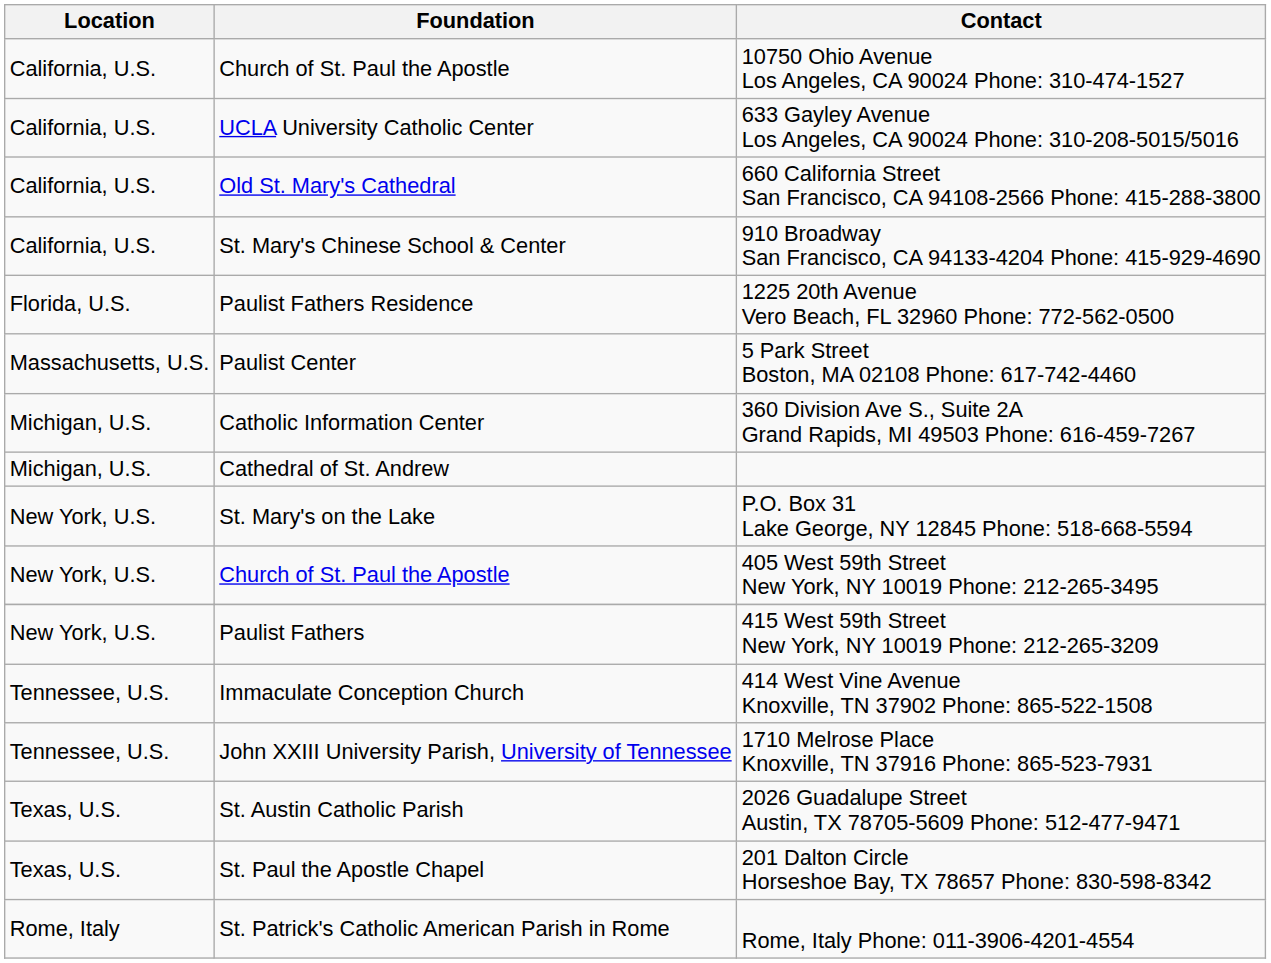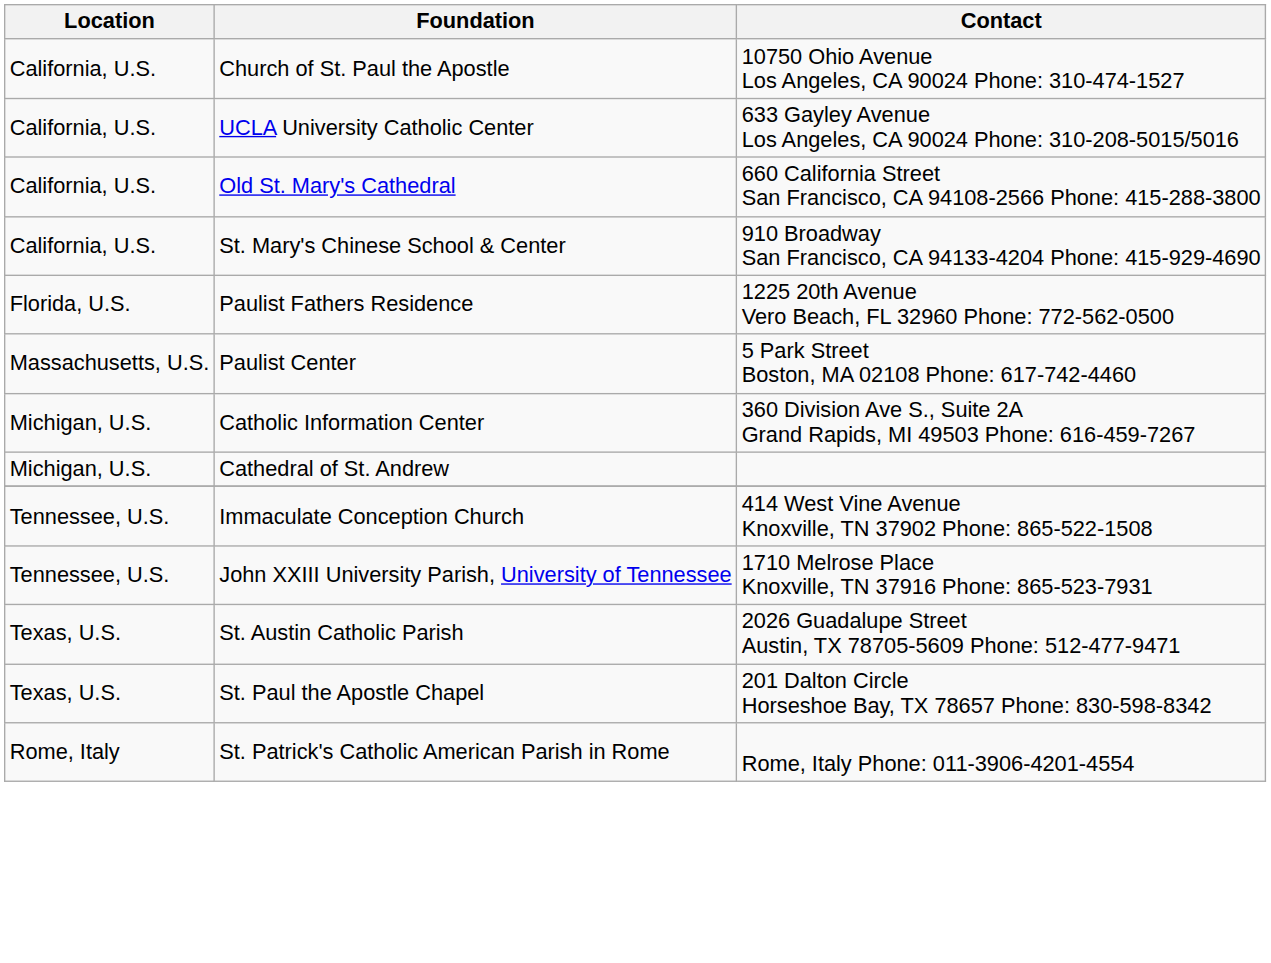 <table class="wikitable">
 <tr>
 <th>Location</th>
 <th>Foundation</th>
 <th>Contact</th>
 </tr>
 <tr>
 <td>California, U.S.</td>
 <td>Church of St. Paul the Apostle</td>
 <td>10750 Ohio Avenue<br>Los Angeles, CA 90024 Phone: 310-474-1527</td>
 </tr>
 <tr>
 <td>California, U.S.</td>
 <td><a href='#'>UCLA</a> University Catholic Center</td>
 <td>633 Gayley Avenue<br>Los Angeles, CA 90024 Phone: 310-208-5015/5016</td>
 </tr>
 <tr>
 <td>California, U.S.</td>
 <td><a href='#'>Old St. Mary's Cathedral</a></td>
 <td>660 California Street<br>San Francisco, CA 94108-2566 Phone: 415-288-3800</td>
 </tr>
 <tr>
 <td>California, U.S.</td>
 <td>St. Mary's Chinese School & Center</td>
 <td>910 Broadway<br>San Francisco, CA 94133-4204 Phone: 415-929-4690</td>
 </tr>
 <tr>
 <td>Florida, U.S.</td>
 <td>Paulist Fathers Residence</td>
 <td>1225 20th Avenue<br>Vero Beach, FL 32960 Phone: 772-562-0500</td>
 </tr>
 <tr>
 <td>Massachusetts, U.S.</td>
 <td>Paulist Center</td>
 <td>5 Park Street<br>Boston, MA 02108 Phone: 617-742-4460</td>
 </tr>
 <tr>
 <td>Michigan, U.S.</td>
 <td>Catholic Information Center</td>
 <td>360 Division Ave S., Suite 2A<br>Grand Rapids, MI 49503 Phone: 616-459-7267</td>
 </tr>
 <tr>
 <td>Michigan, U.S.</td>
 <td>Cathedral of St. Andrew</td>
 <td></td>
 </tr>
 <tr>
-<td>New York, U.S.</td>
-<td>St. Mary's on the Lake</td>
-<td>P.O. Box 31<br>Lake George, NY 12845 Phone: 518-668-5594</td>
-</tr>
-<tr>
-<td>New York, U.S.</td>
-<td><a href='#'>Church of St. Paul the Apostle</a></td>
-<td>405 West 59th Street<br>New York, NY 10019 Phone: 212-265-3495</td>
-</tr>
-<tr>
-</tr>
-<tr>
-<td>New York, U.S.</td>
-<td>Paulist Fathers</td>
-<td>415 West 59th Street<br>New York, NY 10019 Phone: 212-265-3209</td>
 </tr>
 <tr>
 <td>Tennessee, U.S.</td>
 <td>Immaculate Conception Church</td>
 <td>414 West Vine Avenue<br>Knoxville, TN 37902 Phone: 865-522-1508</td>
 </tr>
 <tr>
 <td>Tennessee, U.S.</td>
 <td>John XXIII University Parish, <a href='#'>University of Tennessee</a></td>
 <td>1710 Melrose Place<br>Knoxville, TN 37916 Phone: 865-523-7931</td>
 </tr>
 <tr>
 <td>Texas, U.S.</td>
 <td>St. Austin Catholic Parish</td>
 <td>2026 Guadalupe Street<br>Austin, TX 78705-5609 Phone: 512-477-9471</td>
 </tr>
 <tr>
 <td>Texas, U.S.</td>
 <td>St. Paul the Apostle Chapel</td>
 <td>201 Dalton Circle<br>Horseshoe Bay, TX 78657 Phone: 830-598-8342</td>
 </tr>
 <tr>
 <td>Rome, Italy</td>
 <td>St. Patrick's Catholic American Parish in Rome</td>
 <td><br>Rome, Italy Phone: 011-3906-4201-4554</td>
 </tr>
 </table>
